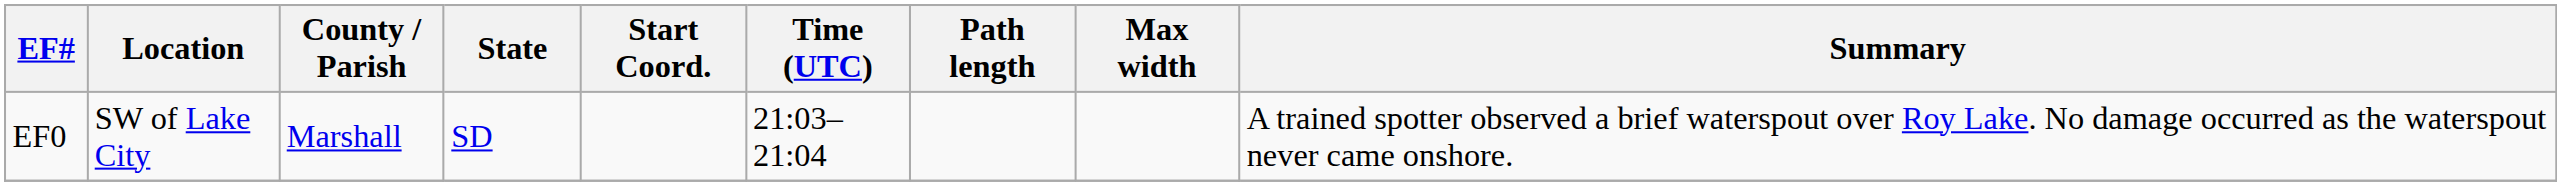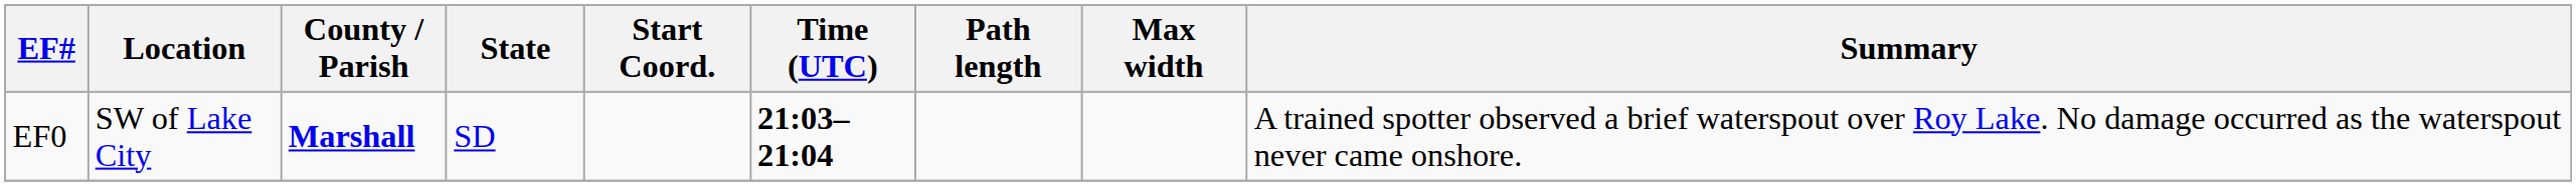 <table class="wikitable sortable" style="width:100%;">
 <tr>
 <th scope="col"  style="width:3%; text-align:center;"><a href='#'>EF#</a></th>
 <th scope="col"  style="width:7%; text-align:center;" class="unsortable">Location</th>
 <th scope="col"  style="width:6%; text-align:center;" class="unsortable">County / Parish</th>
 <th scope="col"  style="width:5%; text-align:center;">State</th>
 <th scope="col"  style="width:6%; text-align:center;">Start Coord.</th>
 <th scope="col"  style="width:6%; text-align:center;">Time (<a href='#'>UTC</a>)</th>
 <th scope="col"  style="width:6%; text-align:center;">Path length</th>
 <th scope="col"  style="width:6%; text-align:center;">Max width</th>
 <th scope="col" class="unsortable" style="width:48%; text-align:center;">Summary</th>
 </tr>
 <tr>
 <td>EF0</td>
 <td>SW of <a href='#'>Lake City</a></td>
-<td><a href='#'>Marshall</a></td>
+<td><strong><a href='#'>Marshall</a></strong></td>
 <td><a href='#'>SD</a></td>
 <td></td>
-<td>21:03–21:04</td>
+<td><strong>21:03–21:04</strong></td>
 <td></td>
 <td></td>
 <td>A trained spotter observed a brief waterspout over <a href='#'>Roy Lake</a>. No damage occurred as the waterspout never came onshore.</td>
 </tr>
 <tr>
 </tr>
 </table>
